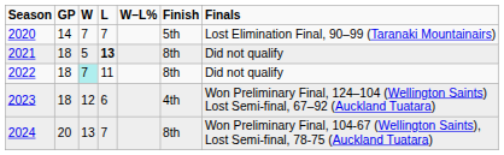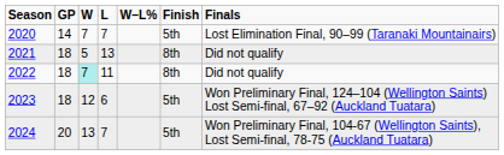 <table class="wikitable">
 <tr style="font-weight:bold; ">
 <td>Season</td>
 <td>GP</td>
 <td>W</td>
 <td>L</td>
 <td>W–L%</td>
 <td>Finish</td>
 <td>Finals</td>
 </tr>
 <tr>
 <td><a href='#'>2020</a></td>
 <td>14</td>
 <td>7</td>
 <td>7</td>
 <td></td>
 <td>5th</td>
 <td>Lost Elimination Final, 90–99 (<a href='#'>Taranaki Mountainairs</a>)</td>
 </tr>
 <tr style="background:#eee;">
 <td><a href='#'>2021</a></td>
 <td>18</td>
 <td>5</td>
-<td><strong>13</strong></td>
+<td>13</td>
 <td></td>
 <td>8th</td>
 <td>Did not qualify</td>
 </tr>
 <tr>
 <td><a href='#'>2022</a></td>
 <td>18</td>
 <td style="background: paleturquoise;">7</td>
 <td>11</td>
 <td></td>
 <td>8th</td>
 <td>Did not qualify</td>
 </tr>
 <tr style="background:#eee;">
 <td><a href='#'>2023</a></td>
 <td>18</td>
 <td>12</td>
 <td>6</td>
 <td></td>
-<td>4th</td>
+<td>5th</td>
 <td>Won Preliminary Final, 124–104 (<a href='#'>Wellington Saints</a>)<br>Lost Semi-final, 67–92 (<a href='#'>Auckland Tuatara</a>)</td>
 </tr>
 <tr style="background:#eee;">
 <td><a href='#'>2024</a></td>
 <td>20</td>
 <td>13</td>
 <td>7</td>
 <td></td>
-<td>8th</td>
+<td>5th</td>
 <td>Won Preliminary Final, 104-67 (<a href='#'>Wellington Saints</a>),<br>Lost Semi-final, 78-75 (<a href='#'>Auckland Tuatara</a>)</td>
 </tr>
 </table>
